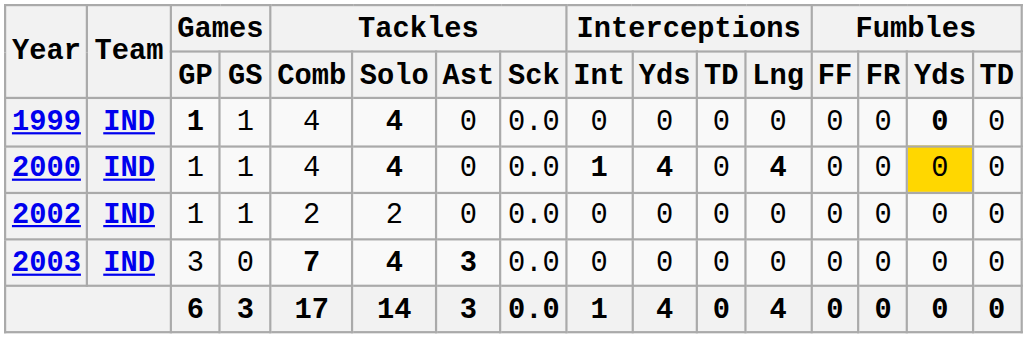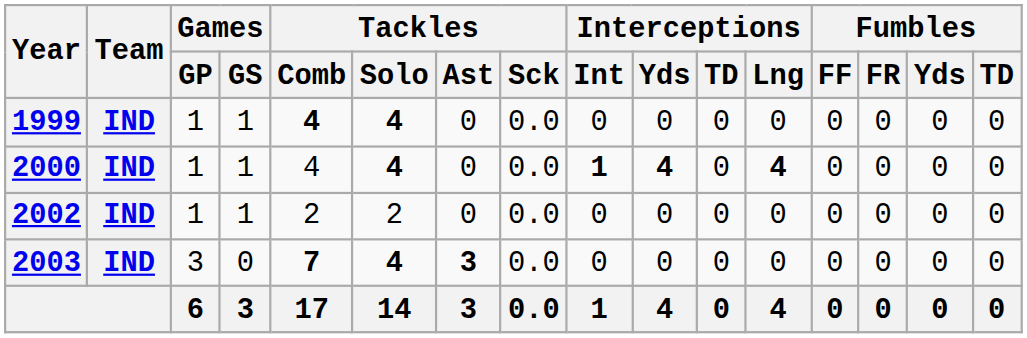 <table class="wikitable" style="text-align:center">
 <tr>
 <th rowspan="2">Year</th>
 <th rowspan="2">Team</th>
 <th colspan="2">Games</th>
 <th colspan="4">Tackles</th>
 <th colspan="4">Interceptions</th>
 <th colspan="4">Fumbles</th>
 </tr>
 <tr>
 <th>GP</th>
 <th>GS</th>
 <th>Comb</th>
 <th>Solo</th>
 <th>Ast</th>
 <th>Sck</th>
 <th>Int</th>
 <th>Yds</th>
 <th>TD</th>
 <th>Lng</th>
 <th>FF</th>
 <th>FR</th>
 <th>Yds</th>
 <th>TD</th>
 </tr>
 <tr>
 <th><a href='#'>1999</a></th>
 <th><a href='#'>IND</a></th>
-<td><strong>1</strong></td>
 <td>1</td>
-<td>4</td>
+<td>1</td>
+<td><strong>4</strong></td>
 <td><strong>4</strong></td>
 <td>0</td>
 <td>0.0</td>
 <td>0</td>
 <td>0</td>
 <td>0</td>
 <td>0</td>
 <td>0</td>
 <td>0</td>
-<td><strong>0</strong></td>
+<td>0</td>
 <td>0</td>
 </tr>
 <tr>
 <th><a href='#'>2000</a></th>
 <th><a href='#'>IND</a></th>
 <td>1</td>
 <td>1</td>
 <td>4</td>
 <td><strong>4</strong></td>
 <td>0</td>
 <td>0.0</td>
 <td><strong>1</strong></td>
 <td><strong>4</strong></td>
 <td>0</td>
 <td><strong>4</strong></td>
 <td>0</td>
 <td>0</td>
-<td style="background: gold;">0</td>
+<td>0</td>
 <td>0</td>
 </tr>
 <tr>
 <th><a href='#'>2002</a></th>
 <th><a href='#'>IND</a></th>
 <td>1</td>
 <td>1</td>
 <td>2</td>
 <td>2</td>
 <td>0</td>
 <td>0.0</td>
 <td>0</td>
 <td>0</td>
 <td>0</td>
 <td>0</td>
 <td>0</td>
 <td>0</td>
 <td>0</td>
 <td>0</td>
 </tr>
 <tr>
 <th><a href='#'>2003</a></th>
 <th><a href='#'>IND</a></th>
 <td>3</td>
 <td>0</td>
 <td><strong>7</strong></td>
 <td><strong>4</strong></td>
 <td><strong>3</strong></td>
 <td>0.0</td>
 <td>0</td>
 <td>0</td>
 <td>0</td>
 <td>0</td>
 <td>0</td>
 <td>0</td>
 <td>0</td>
 <td>0</td>
 </tr>
 <tr>
 <th colspan="2"></th>
 <th>6</th>
 <th>3</th>
 <th>17</th>
 <th>14</th>
 <th>3</th>
 <th>0.0</th>
 <th>1</th>
 <th>4</th>
 <th>0</th>
 <th>4</th>
 <th>0</th>
 <th>0</th>
 <th>0</th>
 <th>0</th>
 </tr>
 </table>
